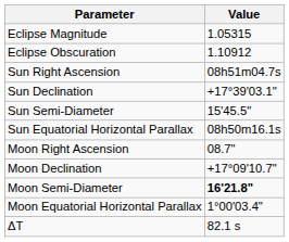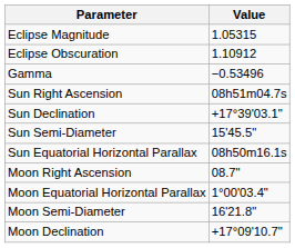 <table class="wikitable">
 <tr>
 <th>Parameter</th>
 <th>Value</th>
 </tr>
 <tr>
 <td>Eclipse Magnitude</td>
 <td>1.05315</td>
 </tr>
 <tr>
 <td>Eclipse Obscuration</td>
 <td>1.10912</td>
+</tr>
+<tr>
+<td>Gamma</td>
+<td>−0.53496</td>
 </tr>
 <tr>
 <td>Sun Right Ascension</td>
 <td>08h51m04.7s</td>
 </tr>
 <tr>
 <td>Sun Declination</td>
 <td>+17°39'03.1"</td>
 </tr>
 <tr>
 <td>Sun Semi-Diameter</td>
 <td>15'45.5"</td>
 </tr>
 <tr>
 <td>Sun Equatorial Horizontal Parallax</td>
 <td>08h50m16.1s</td>
 </tr>
 <tr>
 <td>Moon Right Ascension</td>
 <td>08.7"</td>
 </tr>
 <tr>
-<td>Moon Declination</td>
-<td>+17°09'10.7"</td>
-</tr>
-<tr>
-<td>Moon Semi-Diameter</td>
-<td><strong>16'21.8"</strong></td>
-</tr>
-<tr>
 <td>Moon Equatorial Horizontal Parallax</td>
 <td>1°00'03.4"</td>
 </tr>
 <tr>
-<td>ΔT</td>
-<td>82.1 s</td>
+<td>Moon Semi-Diameter</td>
+<td>16'21.8"</td>
+</tr>
+<tr>
+<td>Moon Declination</td>
+<td>+17°09'10.7"</td>
 </tr>
 </table>
